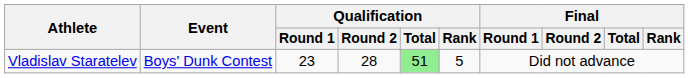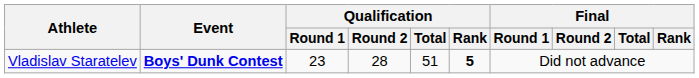 <table class="wikitable" style="font-size:90%;">
 <tr>
 <th rowspan=2>Athlete</th>
 <th rowspan=2>Event</th>
 <th colspan=4>Qualification</th>
 <th colspan=4>Final</th>
 </tr>
 <tr style="font-size:95%">
 <th>Round 1</th>
 <th>Round 2</th>
 <th>Total</th>
 <th>Rank</th>
 <th>Round 1</th>
 <th>Round 2</th>
 <th>Total</th>
 <th>Rank</th>
 </tr>
 <tr align=center>
 <td align=left><a href='#'>Vladislav Staratelev</a></td>
-<td align=left><a href='#'>Boys' Dunk Contest</a></td>
+<td align=left><strong><a href='#'>Boys' Dunk Contest</a></strong></td>
 <td>23</td>
 <td>28</td>
-<td style="background: lightgreen;">51</td>
-<td>5</td>
+<td>51</td>
+<td><strong>5</strong></td>
 <td colspan=4>Did not advance</td>
 </tr>
 </table>
